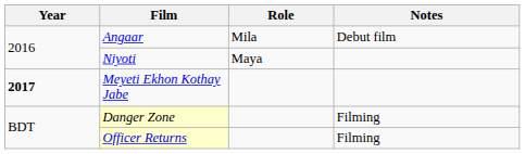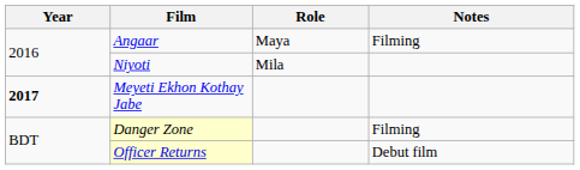 <table class="wikitable">
 <tr>
 <th scope"col"=5%>Year</th>
 <th scope="col" style="width:25%;">Film</th>
 <th scope="col">Role</th>
 <th scope="col">Notes</th>
 </tr>
 <tr>
 <td rowspan="2">2016</td>
 <td><em><a href='#'>Angaar</a></em></td>
-<td>Mila</td>
-<td>Debut film</td>
+<td>Maya</td>
+<td>Filming</td>
 </tr>
 <tr>
 <td><em><a href='#'>Niyoti</a></em></td>
-<td>Maya</td>
+<td>Mila</td>
 <td></td>
 </tr>
 <tr>
 <td><strong>2017</strong></td>
 <td><em><a href='#'>Meyeti Ekhon Kothay Jabe</a></em></td>
 <td></td>
 </tr>
 <tr>
 <td rowspan="2">BDT</td>
 <td style="background:#FFFFCC;"><em>Danger Zone</em> </td>
 <td></td>
 <td>Filming</td>
 </tr>
 <tr>
 <td style="background:#FFFFCC;"><em><a href='#'>Officer Returns</a></em> </td>
 <td></td>
-<td>Filming</td>
+<td>Debut film</td>
 </tr>
 </table>
